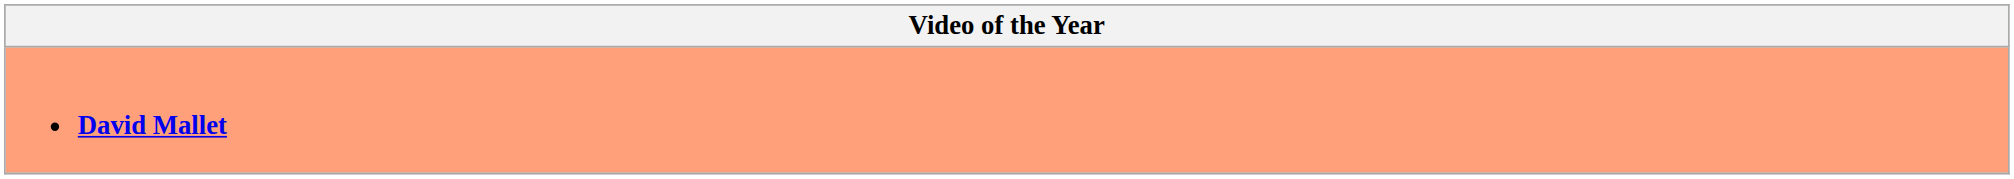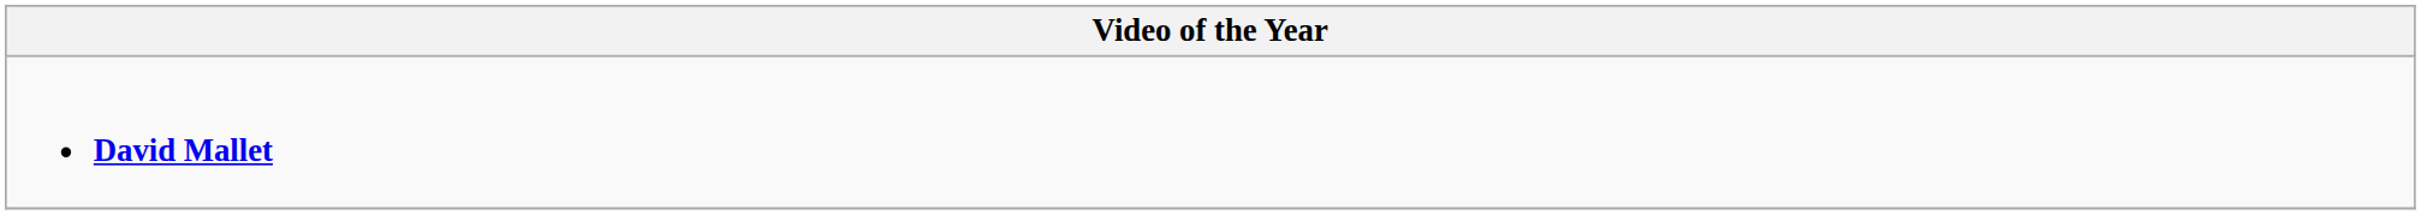 <table class="wikitable" style="width:95%">
 <tr bgcolor="#bebebe">
 <th width="100%">Video of the Year</th>
 </tr>
 <tr>
-<td valign="top" style="background: lightsalmon;"><br><ul><li><strong><a href='#'>David Mallet</a></strong></li></ul></td>
+<td valign="top"><br><ul><li><strong><a href='#'>David Mallet</a></strong></li></ul></td>
 </tr>
 <tr>
 </tr>
 </table>
